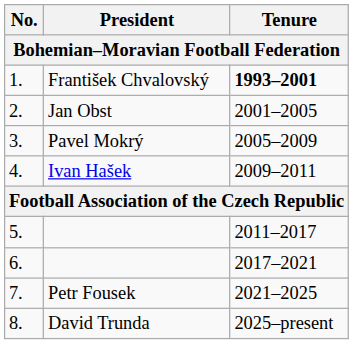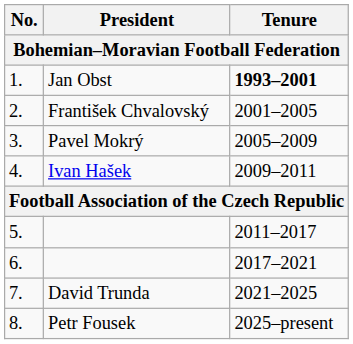 <table class="wikitable" style="font-size: 95%;">
 <tr>
 <th>No.</th>
 <th>President</th>
 <th>Tenure</th>
 </tr>
 <tr>
 <th colspan="3">Bohemian–Moravian Football Federation</th>
 </tr>
 <tr>
 <td>1.</td>
-<td>František Chvalovský</td>
+<td>Jan Obst</td>
 <td><strong>1993–2001</strong></td>
 </tr>
 <tr>
 <td>2.</td>
-<td>Jan Obst</td>
+<td>František Chvalovský</td>
 <td>2001–2005</td>
 </tr>
 <tr>
 <td>3.</td>
 <td>Pavel Mokrý</td>
 <td>2005–2009</td>
 </tr>
 <tr>
 <td>4.</td>
 <td><a href='#'>Ivan Hašek</a></td>
 <td>2009–2011</td>
 </tr>
 <tr>
 <th colspan="3">Football Association of the Czech Republic</th>
 </tr>
 <tr>
 <td>5.</td>
 <td></td>
 <td>2011–2017</td>
 </tr>
 <tr>
 <td>6.</td>
 <td></td>
 <td>2017–2021</td>
 </tr>
 <tr>
 <td>7.</td>
-<td>Petr Fousek</td>
+<td>David Trunda</td>
 <td>2021–2025</td>
 </tr>
 <tr>
 <td>8.</td>
-<td>David Trunda</td>
+<td>Petr Fousek</td>
 <td>2025–present</td>
 </tr>
 </table>
